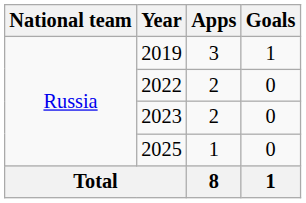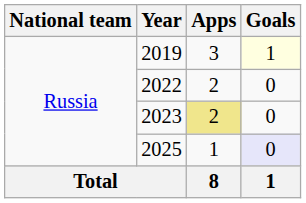 <table class=wikitable style="text-align: center;">
 <tr>
 <th>National team</th>
 <th>Year</th>
 <th>Apps</th>
 <th>Goals</th>
 </tr>
 <tr>
 <td rowspan="4"><a href='#'>Russia</a></td>
 <td>2019</td>
 <td>3</td>
-<td>1</td>
+<td style="background: lightyellow;">1</td>
 </tr>
 <tr>
 <td>2022</td>
 <td>2</td>
 <td>0</td>
 </tr>
 <tr>
 <td>2023</td>
-<td>2</td>
+<td style="background: khaki;">2</td>
 <td>0</td>
 </tr>
 <tr>
 <td>2025</td>
 <td>1</td>
-<td>0</td>
+<td style="background: lavender;">0</td>
 </tr>
 <tr>
 <th colspan="2">Total</th>
 <th>8</th>
 <th>1</th>
 </tr>
 </table>
